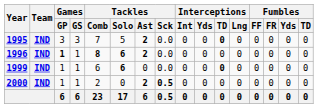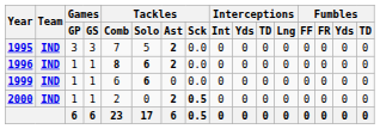 <table class="wikitable" style="text-align:center">
 <tr>
 <th rowspan="2">Year</th>
 <th rowspan="2">Team</th>
 <th colspan="2">Games</th>
 <th colspan="4">Tackles</th>
 <th colspan="4">Interceptions</th>
 <th colspan="4">Fumbles</th>
 </tr>
 <tr>
 <th>GP</th>
 <th>GS</th>
 <th>Comb</th>
 <th>Solo</th>
 <th>Ast</th>
 <th>Sck</th>
 <th>Int</th>
 <th>Yds</th>
 <th>TD</th>
 <th>Lng</th>
 <th>FF</th>
 <th>FR</th>
 <th>Yds</th>
 <th>TD</th>
 </tr>
 <tr>
 <th><a href='#'>1995</a></th>
 <th><a href='#'>IND</a></th>
 <td>3</td>
 <td>3</td>
 <td>7</td>
 <td>5</td>
 <td><strong>2</strong></td>
 <td>0.0</td>
 <td>0</td>
 <td>0</td>
-<td><strong>0</strong></td>
+<td>0</td>
 <td>0</td>
 <td>0</td>
 <td>0</td>
 <td>0</td>
 <td>0</td>
 </tr>
 <tr>
 <th><a href='#'>1996</a></th>
 <th><a href='#'>IND</a></th>
-<td><strong>1</strong></td>
+<td>1</td>
 <td>1</td>
 <td><strong>8</strong></td>
 <td><strong>6</strong></td>
 <td><strong>2</strong></td>
 <td>0.0</td>
 <td>0</td>
 <td>0</td>
 <td>0</td>
 <td>0</td>
 <td>0</td>
 <td>0</td>
 <td>0</td>
 <td>0</td>
 </tr>
 <tr>
 <th><a href='#'>1999</a></th>
 <th><a href='#'>IND</a></th>
 <td>1</td>
 <td>1</td>
 <td>6</td>
 <td><strong>6</strong></td>
 <td>0</td>
 <td>0.0</td>
 <td>0</td>
 <td>0</td>
-<td><strong>0</strong></td>
+<td>0</td>
 <td>0</td>
 <td>0</td>
 <td>0</td>
 <td>0</td>
 <td>0</td>
 </tr>
 <tr>
 <th><a href='#'>2000</a></th>
 <th><a href='#'>IND</a></th>
 <td>1</td>
 <td>1</td>
 <td>2</td>
 <td>0</td>
 <td><strong>2</strong></td>
 <td><strong>0.5</strong></td>
 <td>0</td>
 <td>0</td>
 <td>0</td>
 <td>0</td>
 <td>0</td>
 <td>0</td>
 <td>0</td>
 <td>0</td>
 </tr>
 <tr>
 <th colspan="2"></th>
 <th>6</th>
 <th>6</th>
 <th>23</th>
 <th>17</th>
 <th>6</th>
 <th>0.5</th>
 <th>0</th>
 <th>0</th>
 <th>0</th>
 <th>0</th>
 <th>0</th>
 <th>0</th>
 <th>0</th>
 <th>0</th>
 </tr>
 </table>
